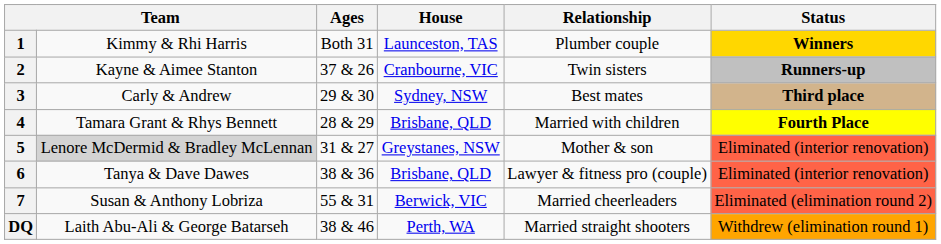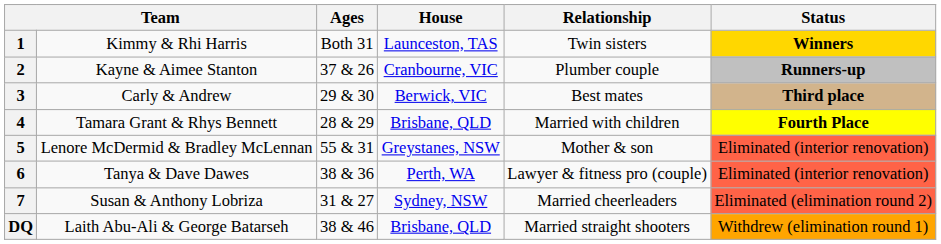 <table class="wikitable" style="text-align: center;">
 <tr valign="top">
 <th colspan="2">Team</th>
 <th>Ages</th>
 <th>House</th>
 <th>Relationship</th>
 <th>Status</th>
 </tr>
 <tr>
 <th>1</th>
 <td>Kimmy & Rhi Harris</td>
 <td>Both 31</td>
 <td><a href='#'>Launceston, TAS</a></td>
-<td>Plumber couple</td>
+<td>Twin sisters</td>
 <td bgcolor="Gold"><strong>Winners</strong></td>
 </tr>
 <tr>
 <th>2</th>
 <td>Kayne & Aimee Stanton</td>
 <td>37 & 26</td>
 <td><a href='#'>Cranbourne, VIC</a></td>
-<td>Twin sisters</td>
+<td>Plumber couple</td>
 <td bgcolor="silver"><strong>Runners-up</strong></td>
 </tr>
 <tr>
 <th>3</th>
 <td>Carly & Andrew</td>
 <td>29 & 30</td>
-<td><a href='#'>Sydney, NSW</a></td>
+<td><a href='#'>Berwick, VIC</a></td>
 <td>Best mates</td>
 <td bgcolor="tan"><strong>Third place</strong></td>
 </tr>
 <tr>
 <th>4</th>
 <td>Tamara Grant & Rhys Bennett</td>
 <td>28 & 29</td>
 <td><a href='#'>Brisbane, QLD</a></td>
 <td>Married with children</td>
 <td bgcolor="yellow"><strong>Fourth Place</strong></td>
 </tr>
 <tr>
 <th>5</th>
-<td style="background: lightgrey;">Lenore McDermid & Bradley McLennan</td>
-<td>31 & 27</td>
+<td>Lenore McDermid & Bradley McLennan</td>
+<td>55 & 31</td>
 <td><a href='#'>Greystanes, NSW</a></td>
 <td>Mother & son</td>
 <td bgcolor="tomato">Eliminated (interior renovation)</td>
 </tr>
 <tr>
 <th>6</th>
 <td>Tanya & Dave Dawes</td>
 <td>38 & 36</td>
-<td><a href='#'>Brisbane, QLD</a></td>
+<td><a href='#'>Perth, WA</a></td>
 <td>Lawyer & fitness pro (couple)</td>
 <td bgcolor="tomato">Eliminated (interior renovation)</td>
 </tr>
 <tr>
 <th>7</th>
 <td>Susan & Anthony Lobriza</td>
-<td>55 & 31</td>
-<td><a href='#'>Berwick, VIC</a></td>
+<td>31 & 27</td>
+<td><a href='#'>Sydney, NSW</a></td>
 <td>Married cheerleaders</td>
 <td bgcolor="tomato">Eliminated (elimination round 2)</td>
 </tr>
 <tr>
 <th>DQ</th>
 <td>Laith Abu-Ali & George Batarseh</td>
 <td>38 & 46</td>
-<td><a href='#'>Perth, WA</a></td>
+<td><a href='#'>Brisbane, QLD</a></td>
 <td>Married straight shooters</td>
 <td bgcolor="orange">Withdrew (elimination round 1)</td>
 </tr>
 </table>
